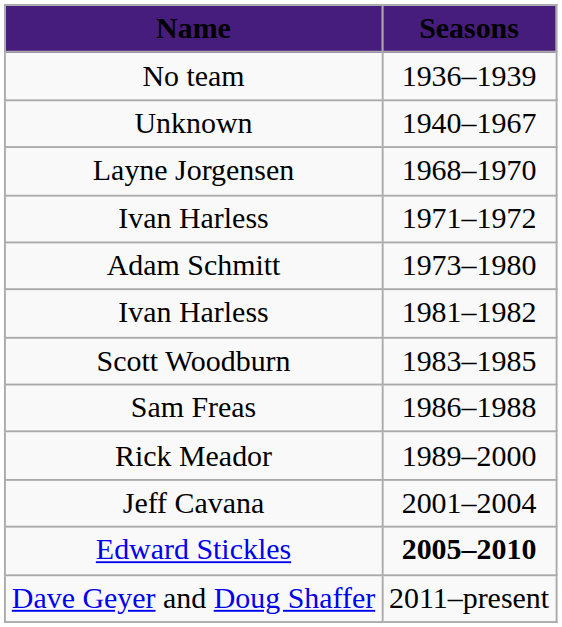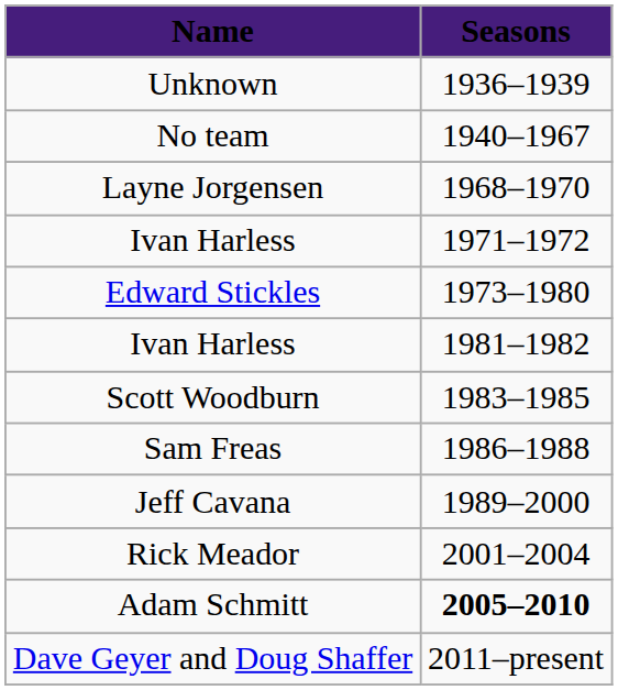 <table class="wikitable">
 <tr>
 <th style="background:#461d7c;" align="center"><span>Name</span></th>
 <th style="background:#461d7c;" align="center"><span>Seasons</span></th>
 </tr>
 <tr align="center">
-<td>No team</td>
+<td>Unknown</td>
 <td>1936–1939</td>
 </tr>
 <tr align="center">
-<td>Unknown</td>
+<td>No team</td>
 <td>1940–1967</td>
 </tr>
 <tr align="center">
 <td>Layne Jorgensen</td>
 <td>1968–1970</td>
 </tr>
 <tr align="center">
 <td>Ivan Harless</td>
 <td>1971–1972</td>
 </tr>
 <tr align="center">
-<td>Adam Schmitt</td>
+<td><a href='#'>Edward Stickles</a></td>
 <td>1973–1980</td>
 </tr>
 <tr align="center">
 <td>Ivan Harless</td>
 <td>1981–1982</td>
 </tr>
 <tr align="center">
 <td>Scott Woodburn</td>
 <td>1983–1985</td>
 </tr>
 <tr align="center">
 <td>Sam Freas</td>
 <td>1986–1988</td>
 </tr>
 <tr align="center">
-<td>Rick Meador</td>
+<td>Jeff Cavana</td>
 <td>1989–2000</td>
 </tr>
 <tr align="center">
-<td>Jeff Cavana</td>
+<td>Rick Meador</td>
 <td>2001–2004</td>
 </tr>
 <tr align="center">
-<td><a href='#'>Edward Stickles</a></td>
+<td>Adam Schmitt</td>
 <td><strong>2005–2010</strong></td>
 </tr>
 <tr align="center">
 <td><a href='#'>Dave Geyer</a> and <a href='#'>Doug Shaffer</a></td>
 <td>2011–present</td>
 </tr>
 </table>
